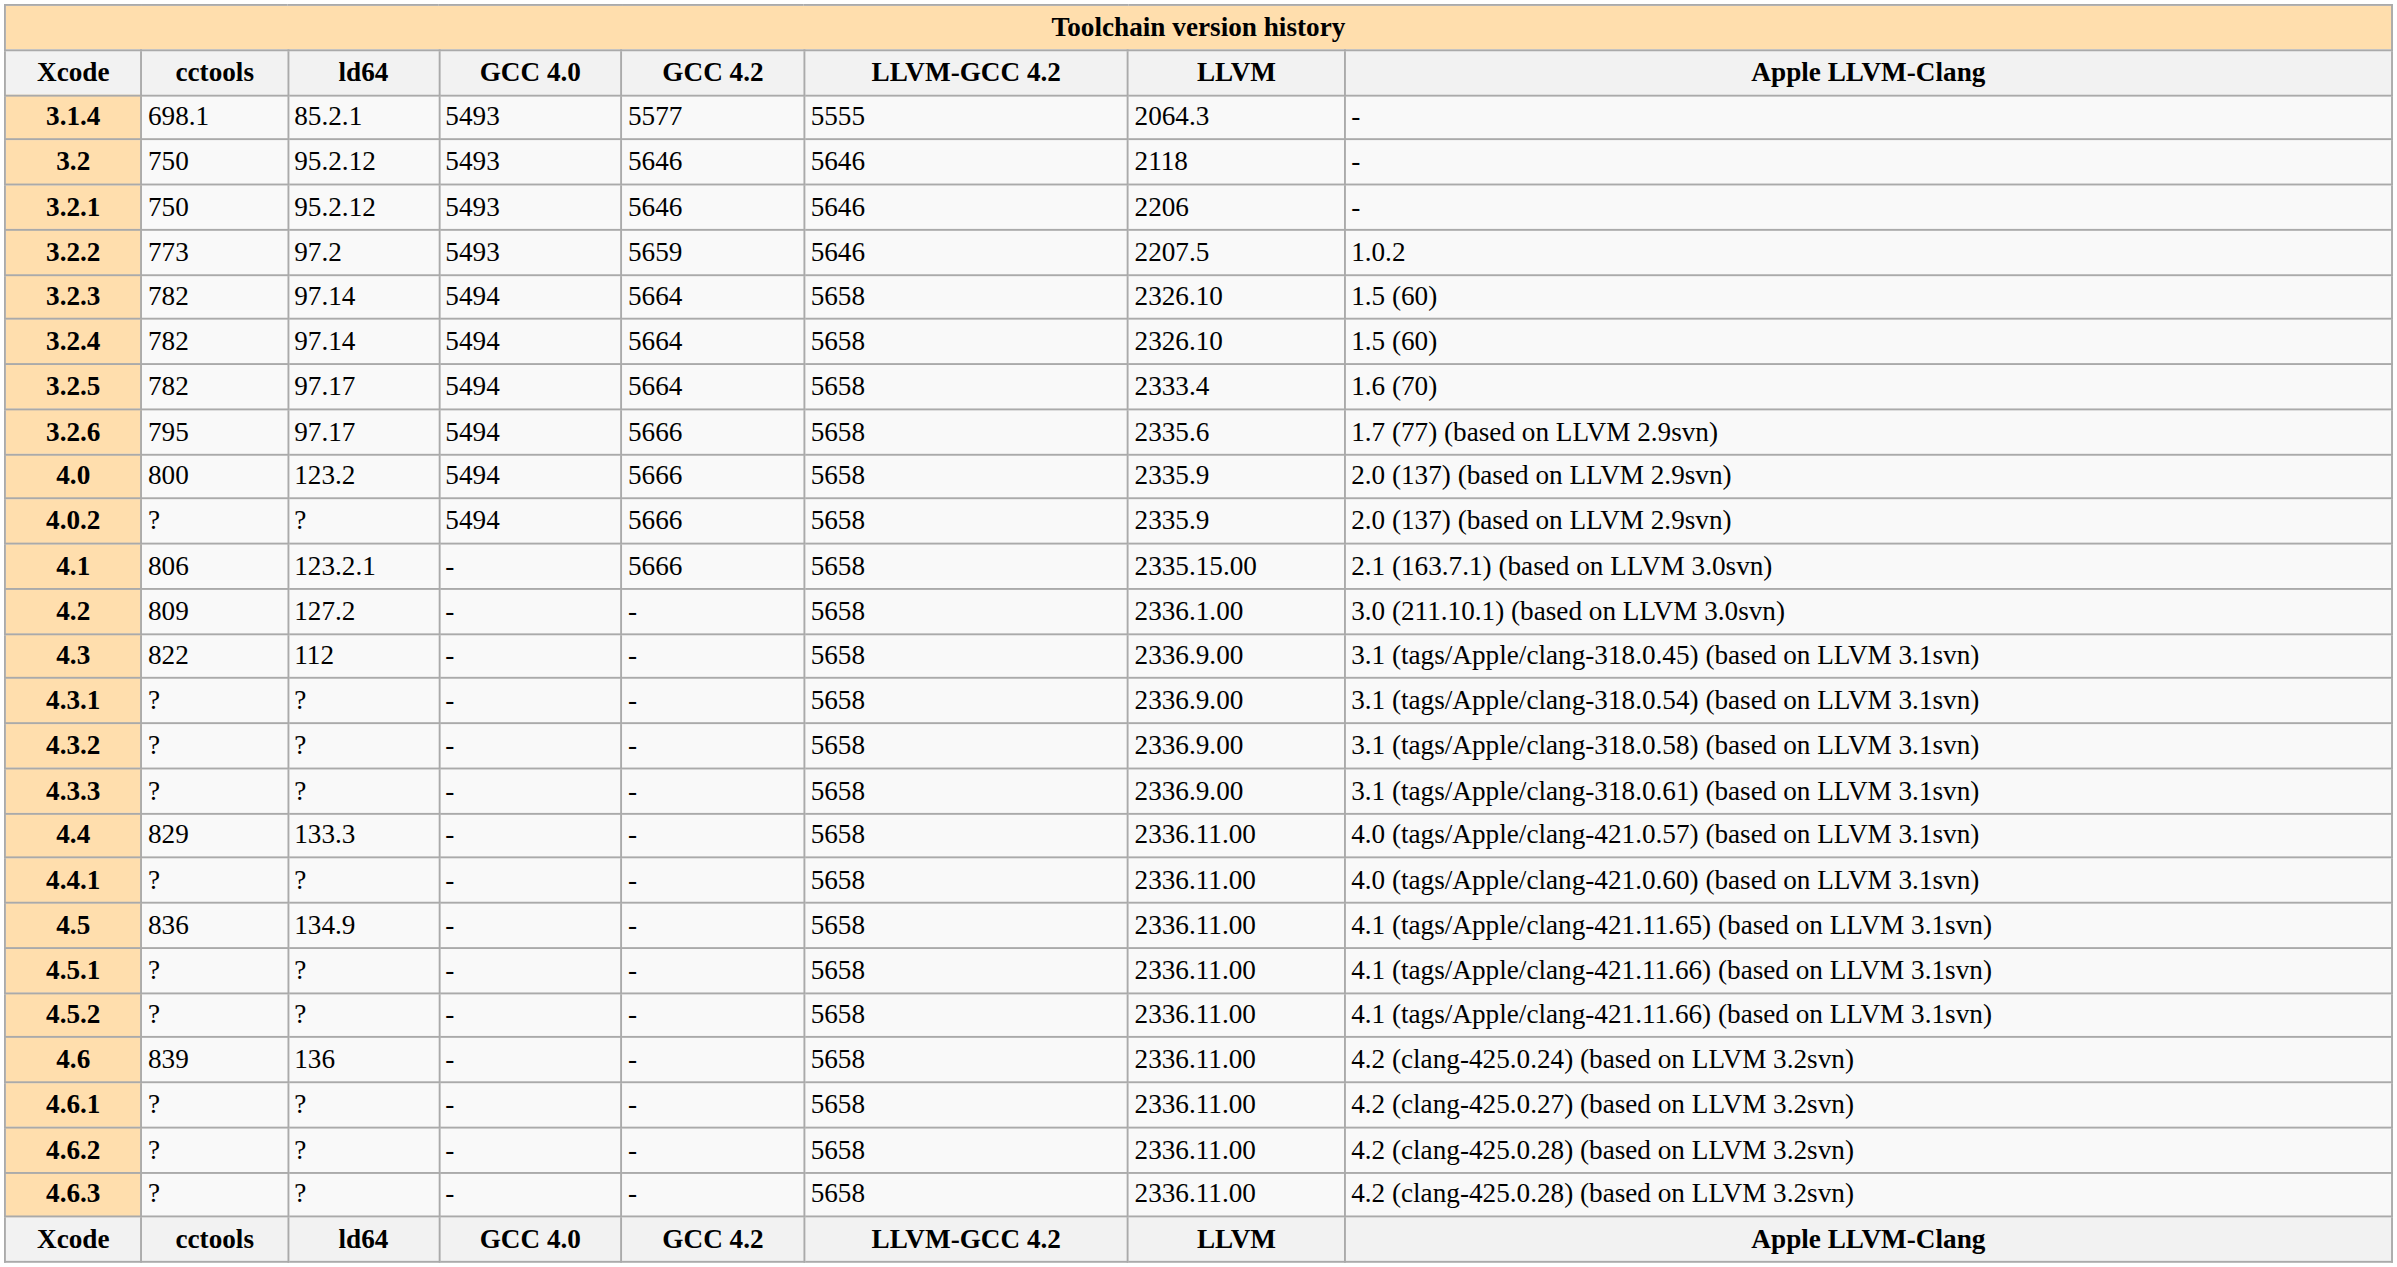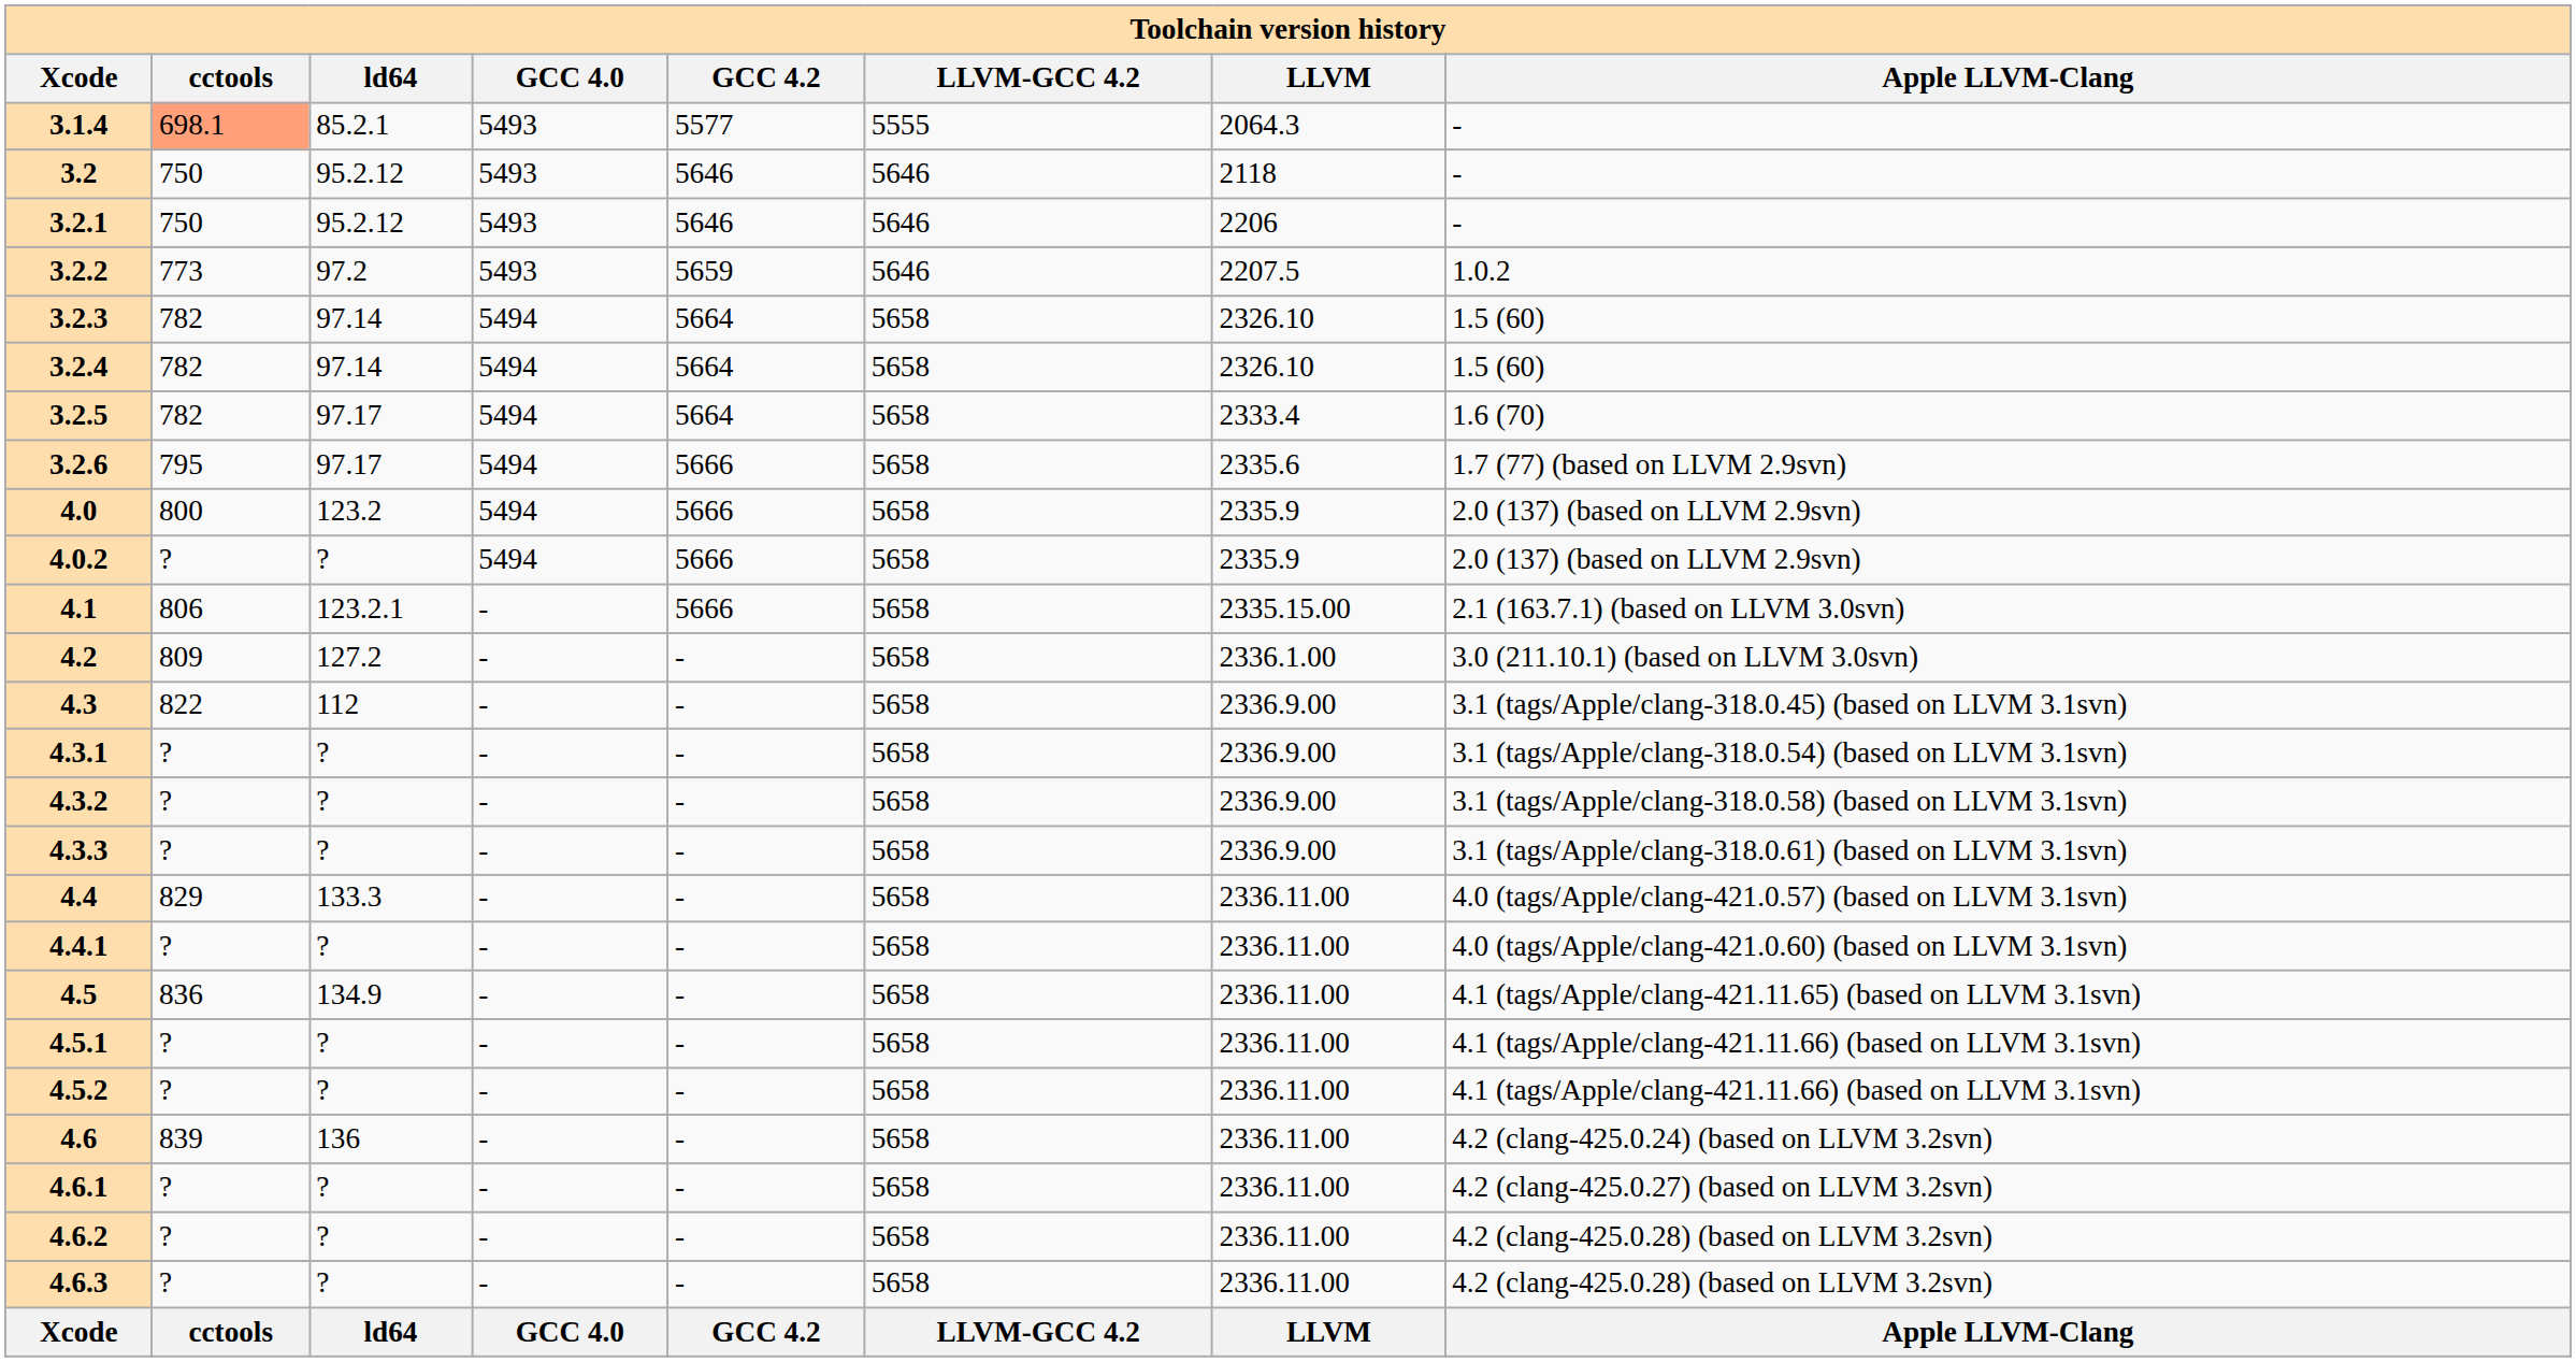 <table class="wikitable collapsible collapsed" style="width:100%; font-size:90%;">
 <tr>
 <th style="background: #ffdead; text-align:center;" colspan="9">Toolchain version history</th>
 </tr>
 <tr>
 <th>Xcode</th>
 <th>cctools</th>
 <th>ld64</th>
 <th>GCC 4.0</th>
 <th>GCC 4.2</th>
 <th>LLVM-GCC 4.2</th>
 <th>LLVM</th>
 <th>Apple LLVM-Clang</th>
 </tr>
 <tr>
 <th style="background:#ffdead;"><strong>3.1.4</strong></th>
-<td>698.1</td>
+<td style="background: lightsalmon;">698.1</td>
 <td>85.2.1</td>
 <td>5493</td>
 <td>5577</td>
 <td>5555</td>
 <td>2064.3</td>
 <td>-</td>
 </tr>
 <tr>
 <th style="background:#ffdead;"><strong>3.2</strong></th>
 <td>750</td>
 <td>95.2.12</td>
 <td>5493</td>
 <td>5646</td>
 <td>5646</td>
 <td>2118</td>
 <td>-</td>
 </tr>
 <tr>
 <th style="background:#ffdead;"><strong>3.2.1</strong></th>
 <td>750</td>
 <td>95.2.12</td>
 <td>5493</td>
 <td>5646</td>
 <td>5646</td>
 <td>2206</td>
 <td>-</td>
 </tr>
 <tr>
 <th style="background:#ffdead;"><strong>3.2.2</strong></th>
 <td>773</td>
 <td>97.2</td>
 <td>5493</td>
 <td>5659</td>
 <td>5646</td>
 <td>2207.5</td>
 <td>1.0.2</td>
 </tr>
 <tr>
 <th style="background:#ffdead;"><strong>3.2.3</strong></th>
 <td>782</td>
 <td>97.14</td>
 <td>5494</td>
 <td>5664</td>
 <td>5658</td>
 <td>2326.10</td>
 <td>1.5 (60)</td>
 </tr>
 <tr>
 <th style="background:#ffdead;"><strong>3.2.4</strong></th>
 <td>782</td>
 <td>97.14</td>
 <td>5494</td>
 <td>5664</td>
 <td>5658</td>
 <td>2326.10</td>
 <td>1.5 (60)</td>
 </tr>
 <tr>
 <th style="background:#ffdead;"><strong>3.2.5</strong></th>
 <td>782</td>
 <td>97.17</td>
 <td>5494</td>
 <td>5664</td>
 <td>5658</td>
 <td>2333.4</td>
 <td>1.6 (70)</td>
 </tr>
 <tr>
 <th style="background:#ffdead;"><strong>3.2.6</strong></th>
 <td>795</td>
 <td>97.17</td>
 <td>5494</td>
 <td>5666</td>
 <td>5658</td>
 <td>2335.6</td>
 <td>1.7 (77) (based on LLVM 2.9svn)</td>
 </tr>
 <tr>
 <th style="background:#ffdead;"><strong>4.0</strong></th>
 <td>800</td>
 <td>123.2</td>
 <td>5494</td>
 <td>5666</td>
 <td>5658</td>
 <td>2335.9</td>
 <td>2.0 (137) (based on LLVM 2.9svn)</td>
 </tr>
 <tr>
 <th style="background:#ffdead;"><strong>4.0.2</strong></th>
 <td>?</td>
 <td>?</td>
 <td>5494</td>
 <td>5666</td>
 <td>5658</td>
 <td>2335.9</td>
 <td>2.0 (137) (based on LLVM 2.9svn)</td>
 </tr>
 <tr>
 <th style="background:#ffdead;"><strong>4.1</strong></th>
 <td>806</td>
 <td>123.2.1</td>
 <td>-</td>
 <td>5666</td>
 <td>5658</td>
 <td>2335.15.00</td>
 <td>2.1 (163.7.1) (based on LLVM 3.0svn)</td>
 </tr>
 <tr>
 <th style="background:#ffdead;"><strong>4.2</strong></th>
 <td>809</td>
 <td>127.2</td>
 <td>-</td>
 <td>-</td>
 <td>5658</td>
 <td>2336.1.00</td>
 <td>3.0 (211.10.1) (based on LLVM 3.0svn)</td>
 </tr>
 <tr>
 <th style="background:#ffdead;"><strong>4.3</strong></th>
 <td>822</td>
 <td>112</td>
 <td>-</td>
 <td>-</td>
 <td>5658</td>
 <td>2336.9.00</td>
 <td>3.1 (tags/Apple/clang-318.0.45) (based on LLVM 3.1svn)</td>
 </tr>
 <tr>
 <th style="background:#ffdead;"><strong>4.3.1</strong></th>
 <td>?</td>
 <td>?</td>
 <td>-</td>
 <td>-</td>
 <td>5658</td>
 <td>2336.9.00</td>
 <td>3.1 (tags/Apple/clang-318.0.54) (based on LLVM 3.1svn)</td>
 </tr>
 <tr>
 <th style="background:#ffdead;"><strong>4.3.2</strong></th>
 <td>?</td>
 <td>?</td>
 <td>-</td>
 <td>-</td>
 <td>5658</td>
 <td>2336.9.00</td>
 <td>3.1 (tags/Apple/clang-318.0.58) (based on LLVM 3.1svn)</td>
 </tr>
 <tr>
 <th style="background:#ffdead;"><strong>4.3.3</strong></th>
 <td>?</td>
 <td>?</td>
 <td>-</td>
 <td>-</td>
 <td>5658</td>
 <td>2336.9.00</td>
 <td>3.1 (tags/Apple/clang-318.0.61) (based on LLVM 3.1svn)</td>
 </tr>
 <tr>
 <th style="background:#ffdead;"><strong>4.4</strong></th>
 <td>829</td>
 <td>133.3</td>
 <td>-</td>
 <td>-</td>
 <td>5658</td>
 <td>2336.11.00</td>
 <td>4.0 (tags/Apple/clang-421.0.57) (based on LLVM 3.1svn)</td>
 </tr>
 <tr>
 <th style="background:#ffdead;"><strong>4.4.1</strong></th>
 <td>?</td>
 <td>?</td>
 <td>-</td>
 <td>-</td>
 <td>5658</td>
 <td>2336.11.00</td>
 <td>4.0 (tags/Apple/clang-421.0.60) (based on LLVM 3.1svn)</td>
 </tr>
 <tr>
 <th style="background:#ffdead;"><strong>4.5</strong></th>
 <td>836</td>
 <td>134.9</td>
 <td>-</td>
 <td>-</td>
 <td>5658</td>
 <td>2336.11.00</td>
 <td>4.1 (tags/Apple/clang-421.11.65) (based on LLVM 3.1svn)</td>
 </tr>
 <tr>
 <th style="background:#ffdead;"><strong>4.5.1</strong></th>
 <td>?</td>
 <td>?</td>
 <td>-</td>
 <td>-</td>
 <td>5658</td>
 <td>2336.11.00</td>
 <td>4.1 (tags/Apple/clang-421.11.66) (based on LLVM 3.1svn)</td>
 </tr>
 <tr>
 <th style="background:#ffdead;"><strong>4.5.2</strong></th>
 <td>?</td>
 <td>?</td>
 <td>-</td>
 <td>-</td>
 <td>5658</td>
 <td>2336.11.00</td>
 <td>4.1 (tags/Apple/clang-421.11.66) (based on LLVM 3.1svn)</td>
 </tr>
 <tr>
 <th style="background:#ffdead;"><strong>4.6</strong></th>
 <td>839</td>
 <td>136</td>
 <td>-</td>
 <td>-</td>
 <td>5658</td>
 <td>2336.11.00</td>
 <td>4.2 (clang-425.0.24) (based on LLVM 3.2svn)</td>
 </tr>
 <tr>
 <th style="background:#ffdead;"><strong>4.6.1</strong></th>
 <td>?</td>
 <td>?</td>
 <td>-</td>
 <td>-</td>
 <td>5658</td>
 <td>2336.11.00</td>
 <td>4.2 (clang-425.0.27) (based on LLVM 3.2svn)</td>
 </tr>
 <tr>
 <th style="background:#ffdead;"><strong>4.6.2</strong></th>
 <td>?</td>
 <td>?</td>
 <td>-</td>
 <td>-</td>
 <td>5658</td>
 <td>2336.11.00</td>
 <td>4.2 (clang-425.0.28) (based on LLVM 3.2svn)</td>
 </tr>
 <tr>
 <th style="background:#ffdead;"><strong>4.6.3</strong></th>
 <td>?</td>
 <td>?</td>
 <td>-</td>
 <td>-</td>
 <td>5658</td>
 <td>2336.11.00</td>
 <td>4.2 (clang-425.0.28) (based on LLVM 3.2svn)</td>
 </tr>
 <tr>
 <th>Xcode</th>
 <th>cctools</th>
 <th>ld64</th>
 <th>GCC 4.0</th>
 <th>GCC 4.2</th>
 <th>LLVM-GCC 4.2</th>
 <th>LLVM</th>
 <th>Apple LLVM-Clang</th>
 </tr>
 </table>
